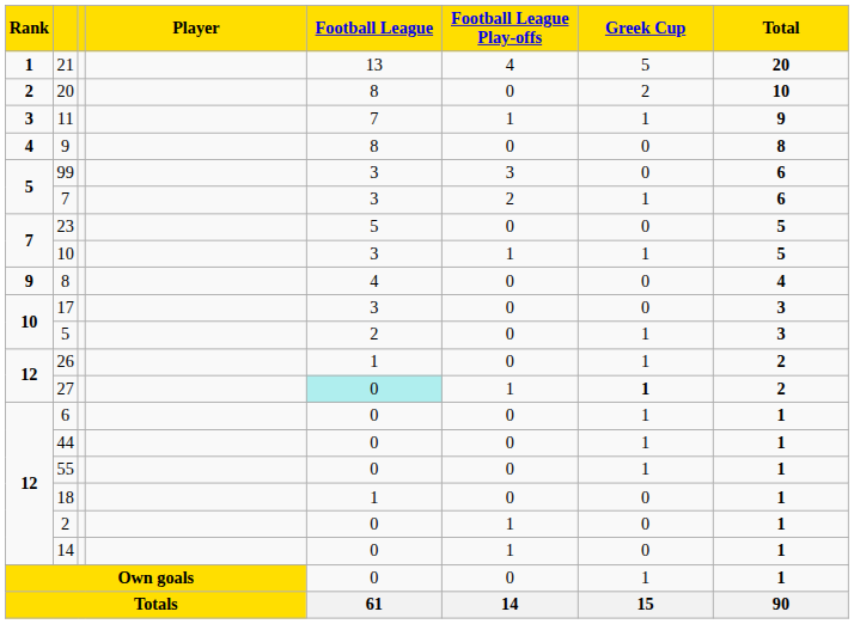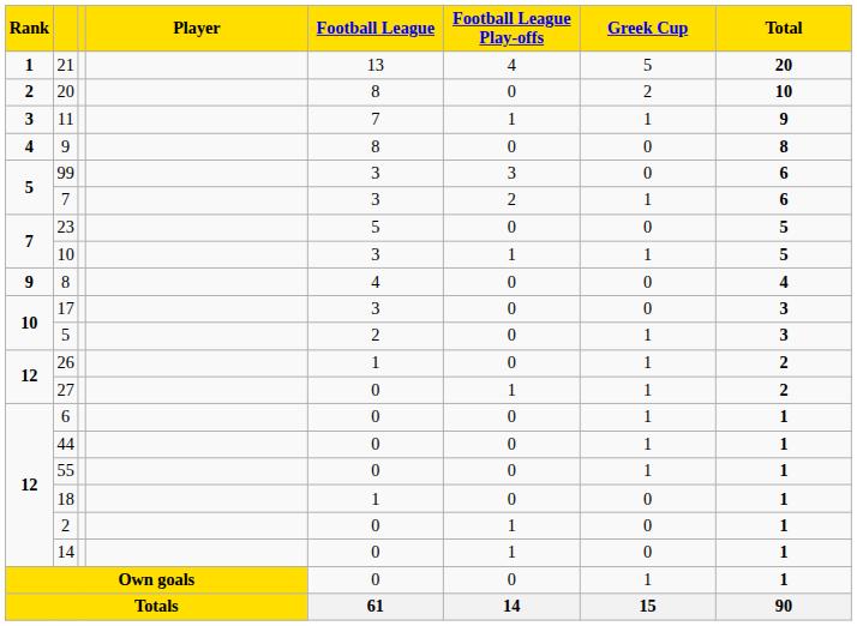 <table class="wikitable sortable" style="text-align: center">
 <tr>
 <th style="background:#FFDE00">Rank</th>
 <th style="background:#FFDE00"></th>
 <th style="background:#FFDE00"></th>
 <th width=200 style="background:#FFDE00">Player</th>
 <th width=120 style="background:#FFDE00"><a href='#'>Football League</a></th>
 <th width=120 style="background:#FFDE00"><a href='#'>Football League Play-offs</a></th>
 <th width=120 style="background:#FFDE00"><a href='#'>Greek Cup</a></th>
 <th width=120 style="background:#FFDE00">Total</th>
 </tr>
 <tr>
 <td><strong>1</strong></td>
 <td>21</td>
 <td></td>
 <td align=left></td>
 <td>13</td>
 <td>4</td>
 <td>5</td>
 <td><strong>20</strong></td>
 </tr>
 <tr>
 <td><strong>2</strong></td>
 <td>20</td>
 <td></td>
 <td align=left></td>
 <td>8</td>
 <td>0</td>
 <td>2</td>
 <td><strong>10</strong></td>
 </tr>
 <tr>
 <td><strong>3</strong></td>
 <td>11</td>
 <td></td>
 <td align=left></td>
 <td>7</td>
 <td>1</td>
 <td>1</td>
 <td><strong>9</strong></td>
 </tr>
 <tr>
 <td><strong>4</strong></td>
 <td>9</td>
 <td></td>
 <td align=left></td>
 <td>8</td>
 <td>0</td>
 <td>0</td>
 <td><strong>8</strong></td>
 </tr>
 <tr>
 <td rowspan=2><strong>5</strong></td>
 <td>99</td>
 <td></td>
 <td align=left></td>
 <td>3</td>
 <td>3</td>
 <td>0</td>
 <td><strong>6</strong></td>
 </tr>
 <tr>
 <td>7</td>
 <td></td>
 <td align=left></td>
 <td>3</td>
 <td>2</td>
 <td>1</td>
 <td><strong>6</strong></td>
 </tr>
 <tr>
 <td rowspan=2><strong>7</strong></td>
 <td>23</td>
 <td></td>
 <td align=left></td>
 <td>5</td>
 <td>0</td>
 <td>0</td>
 <td><strong>5</strong></td>
 </tr>
 <tr>
 <td>10</td>
 <td></td>
 <td align=left></td>
 <td>3</td>
 <td>1</td>
 <td>1</td>
 <td><strong>5</strong></td>
 </tr>
 <tr>
 <td><strong>9</strong></td>
 <td>8</td>
 <td></td>
 <td align=left></td>
 <td>4</td>
 <td>0</td>
 <td>0</td>
 <td><strong>4</strong></td>
 </tr>
 <tr>
 <td rowspan=2><strong>10</strong></td>
 <td>17</td>
 <td></td>
 <td align=left></td>
 <td>3</td>
 <td>0</td>
 <td>0</td>
 <td><strong>3</strong></td>
 </tr>
 <tr>
 <td>5</td>
 <td></td>
 <td align=left></td>
 <td>2</td>
 <td>0</td>
 <td>1</td>
 <td><strong>3</strong></td>
 </tr>
 <tr>
 <td rowspan=2><strong>12</strong></td>
 <td>26</td>
 <td></td>
 <td align=left></td>
 <td>1</td>
 <td>0</td>
 <td>1</td>
 <td><strong>2</strong></td>
 </tr>
 <tr>
 <td>27</td>
 <td></td>
 <td align=left></td>
-<td style="background: paleturquoise;">0</td>
+<td>0</td>
 <td>1</td>
-<td><strong>1</strong></td>
+<td>1</td>
 <td><strong>2</strong></td>
 </tr>
 <tr>
 <td rowspan=6><strong>12</strong></td>
 <td>6</td>
 <td></td>
 <td align=left></td>
 <td>0</td>
 <td>0</td>
 <td>1</td>
 <td><strong>1</strong></td>
 </tr>
 <tr>
 <td>44</td>
 <td></td>
 <td align=left></td>
 <td>0</td>
 <td>0</td>
 <td>1</td>
 <td><strong>1</strong></td>
 </tr>
 <tr>
 <td>55</td>
 <td></td>
 <td align=left></td>
 <td>0</td>
 <td>0</td>
 <td>1</td>
 <td><strong>1</strong></td>
 </tr>
 <tr>
 <td>18</td>
 <td></td>
 <td align=left></td>
 <td>1</td>
 <td>0</td>
 <td>0</td>
 <td><strong>1</strong></td>
 </tr>
 <tr>
 <td>2</td>
 <td></td>
 <td align=left></td>
 <td>0</td>
 <td>1</td>
 <td>0</td>
 <td><strong>1</strong></td>
 </tr>
 <tr>
 <td>14</td>
 <td></td>
 <td align=left></td>
 <td>0</td>
 <td>1</td>
 <td>0</td>
 <td><strong>1</strong></td>
 </tr>
 <tr class="sortbottom">
 <td colspan=4 style="background:#FFDE00"><strong>Own goals</strong></td>
 <td>0</td>
 <td>0</td>
 <td>1</td>
 <td><strong>1</strong></td>
 </tr>
 <tr class="sortbottom">
 <th colspan=4 style="background:#FFDE00"><strong>Totals</strong></th>
 <th><strong>61</strong></th>
 <th><strong>14</strong></th>
 <th><strong>15</strong></th>
 <th><strong>90</strong></th>
 </tr>
 </table>
